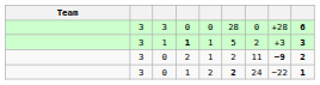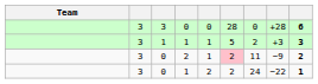 <table class="wikitable" style="text-align: center; font-size:90% ">
 <tr>
 <th width=160>Team</th>
 <th width=25></th>
 <th width=25></th>
 <th width=25></th>
 <th width=25></th>
 <th width=25></th>
 <th width=25></th>
 <th width=25></th>
 <th width=25></th>
 </tr>
 <tr bgcolor="ccffcc">
 <td align=left></td>
 <td>3</td>
 <td>3</td>
 <td>0</td>
 <td>0</td>
 <td>28</td>
 <td>0</td>
 <td>+28</td>
 <td><strong>6</strong></td>
 </tr>
 <tr bgcolor="ccffcc">
 <td align=left></td>
 <td>3</td>
 <td>1</td>
-<td><strong>1</strong></td>
+<td>1</td>
 <td>1</td>
 <td>5</td>
 <td>2</td>
 <td>+3</td>
 <td><strong>3</strong></td>
 </tr>
 <tr>
 <td align=left></td>
 <td>3</td>
 <td>0</td>
 <td>2</td>
 <td>1</td>
-<td>2</td>
+<td style="background: pink;">2</td>
 <td>11</td>
-<td><strong>−9</strong></td>
+<td>−9</td>
 <td><strong>2</strong></td>
 </tr>
 <tr>
 <td align=left></td>
 <td>3</td>
 <td>0</td>
 <td>1</td>
 <td>2</td>
-<td><strong>2</strong></td>
+<td>2</td>
 <td>24</td>
 <td>−22</td>
 <td><strong>1</strong></td>
 </tr>
 </table>
